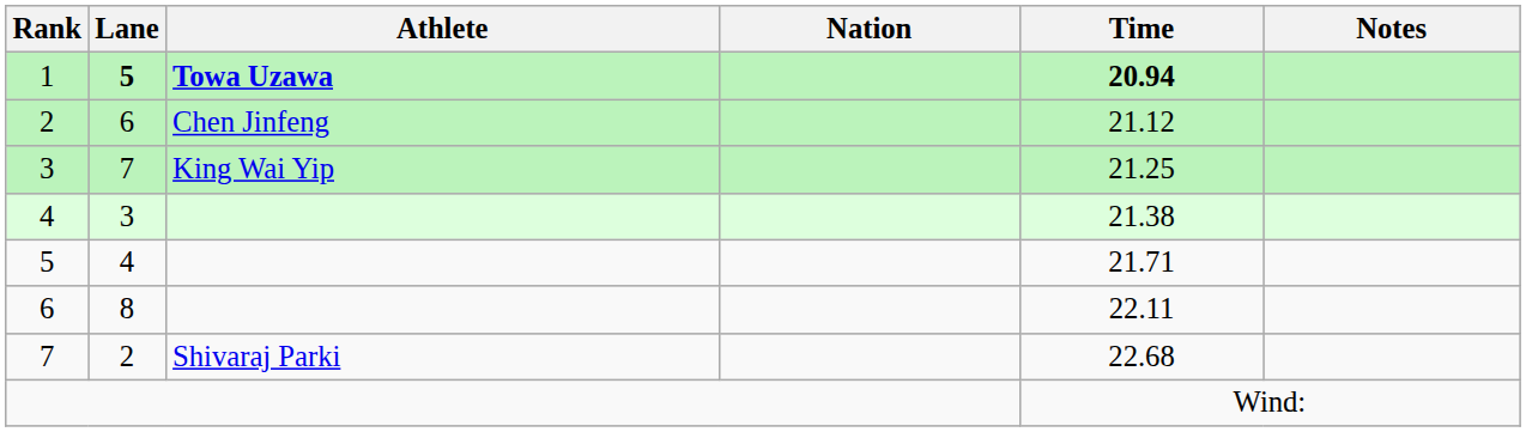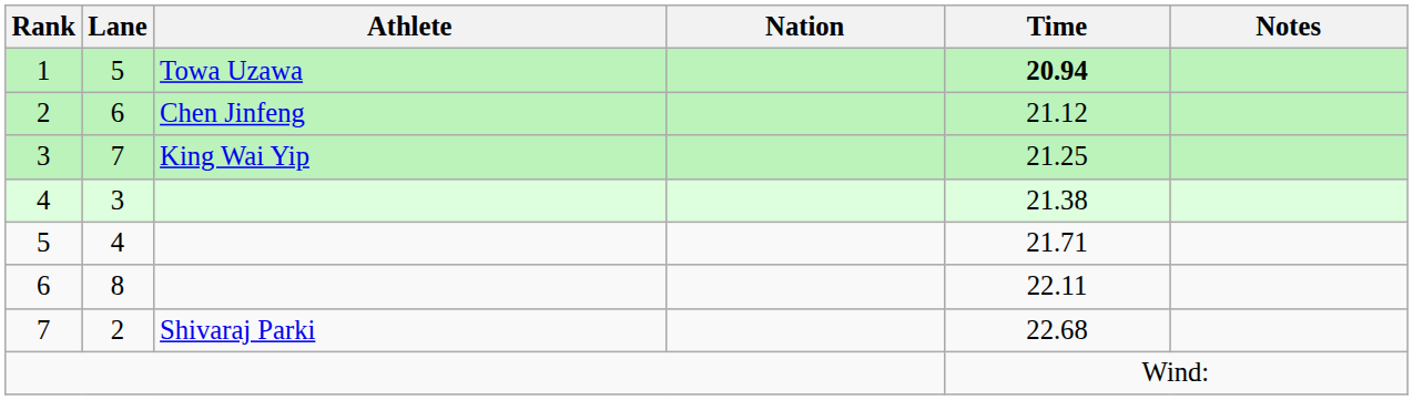 <table class="wikitable sortable" style="text-align:center;width: 65%;">
 <tr>
 <th scope="col" style="width: 10px;">Rank</th>
 <th scope="col" style="width: 10px;">Lane</th>
 <th scope="col">Athlete</th>
 <th scope="col">Nation</th>
 <th scope="col">Time</th>
 <th scope="col">Notes</th>
 </tr>
 <tr bgcolor=bbf3bb>
 <td>1</td>
-<td><strong>5</strong></td>
-<td align="left"><strong><a href='#'>Towa Uzawa</a></strong></td>
+<td>5</td>
+<td align="left"><a href='#'>Towa Uzawa</a></td>
 <td align="left"></td>
 <td><strong>20.94</strong></td>
 <td></td>
 </tr>
 <tr bgcolor=bbf3bb>
 <td>2</td>
 <td>6</td>
 <td align="left"><a href='#'>Chen Jinfeng</a></td>
 <td align="left"></td>
 <td>21.12</td>
 <td></td>
 </tr>
 <tr bgcolor=bbf3bb>
 <td>3</td>
 <td>7</td>
 <td align="left"><a href='#'>King Wai Yip</a></td>
 <td align="left"></td>
 <td>21.25</td>
 <td></td>
 </tr>
 <tr bgcolor=ddffdd>
 <td>4</td>
 <td>3</td>
 <td align="left"></td>
 <td align="left"></td>
 <td>21.38</td>
 <td></td>
 </tr>
 <tr>
 <td>5</td>
 <td>4</td>
 <td align="left"></td>
 <td align="left"></td>
 <td>21.71</td>
 <td></td>
 </tr>
 <tr>
 <td>6</td>
 <td>8</td>
 <td align="left"></td>
 <td align="left"></td>
 <td>22.11</td>
 <td></td>
 </tr>
 <tr>
 <td>7</td>
 <td>2</td>
 <td align="left"><a href='#'>Shivaraj Parki</a></td>
 <td align="left"></td>
 <td>22.68</td>
 <td></td>
 </tr>
 <tr class="sortbottom">
 <td colspan="4"></td>
 <td colspan="2">Wind: </td>
 </tr>
 </table>
